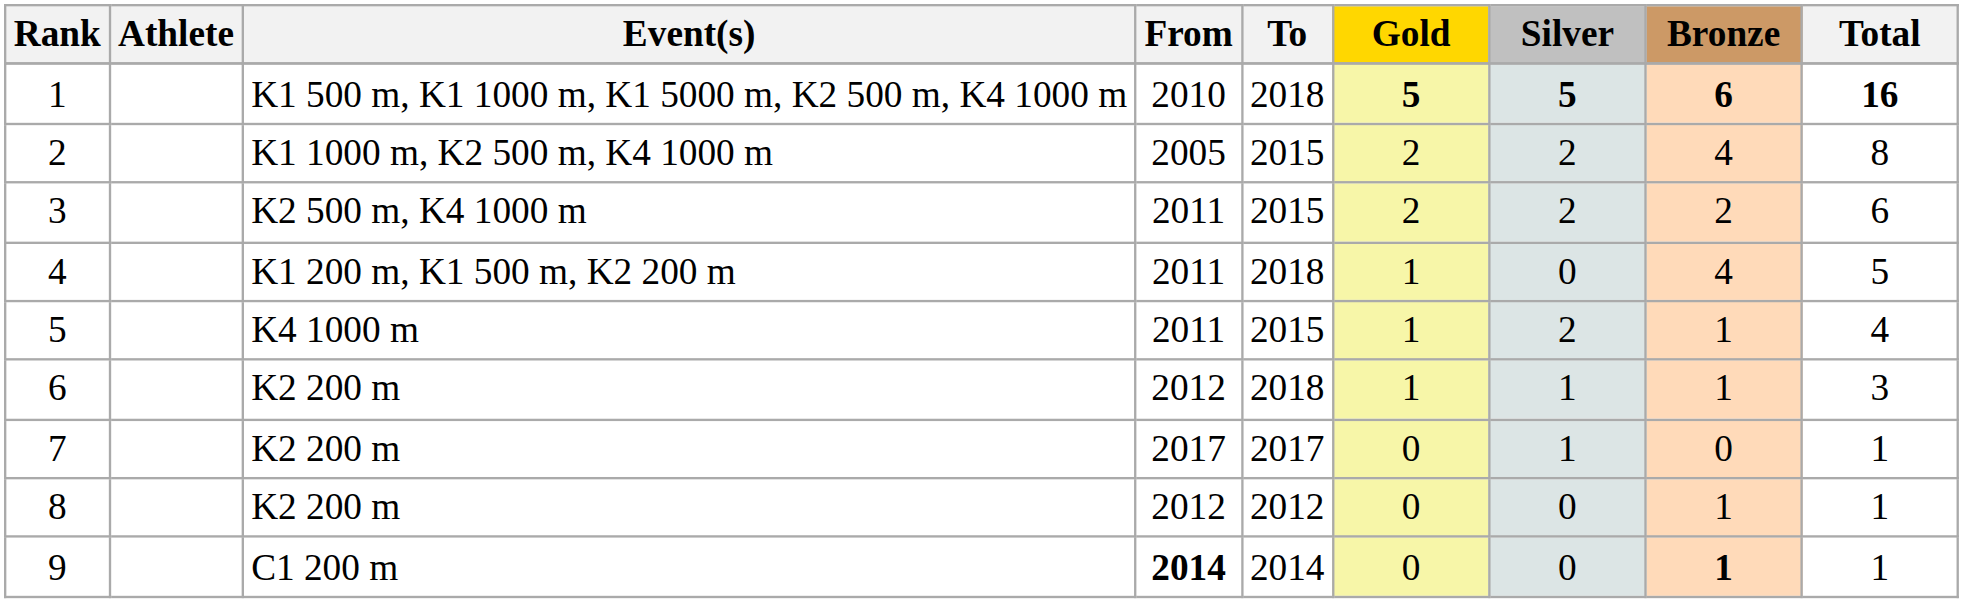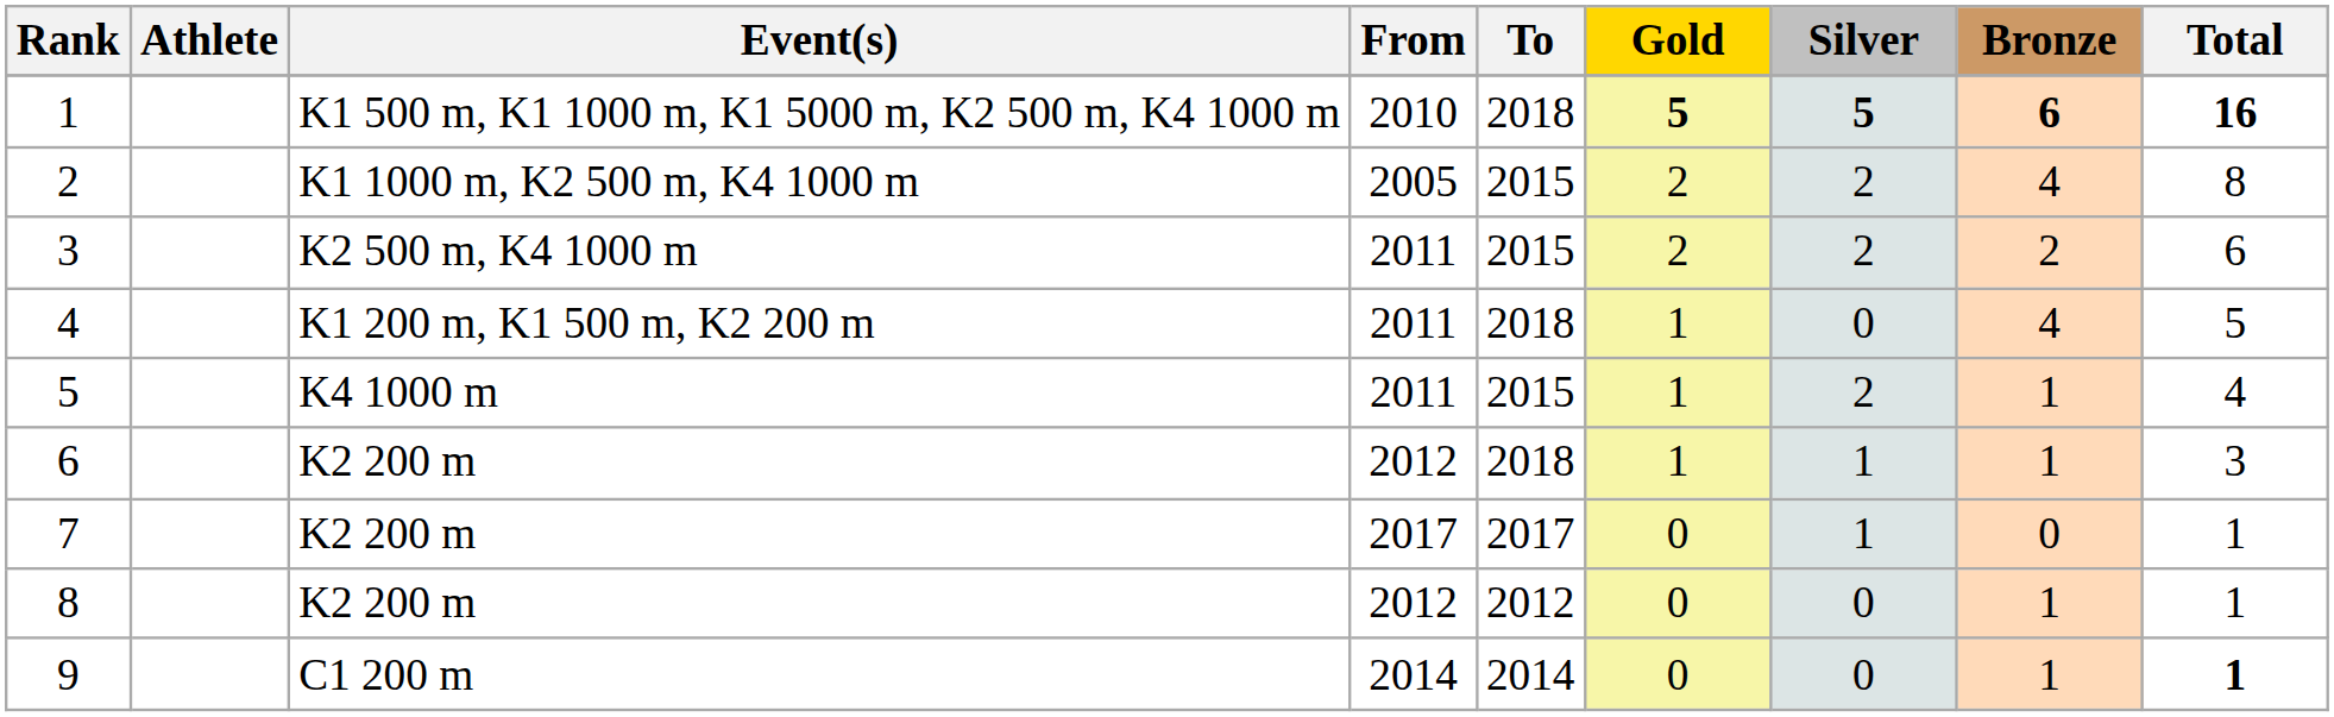 <table class="wikitable plainrowheaders" style="text-align:center;">
 <tr style="background-color:#EDEDED;">
 <th class="hintergrundfarbe5" style="width:1em">Rank</th>
 <th class="hintergrundfarbe5">Athlete</th>
 <th class="hintergrundfarbe5">Event(s)</th>
 <th class="hintergrundfarbe5">From</th>
 <th class="hintergrundfarbe5">To</th>
 <th style="background:    gold; width:8%">Gold</th>
 <th style="background:  silver; width:8%">Silver</th>
 <th style="background: #CC9966; width:8%">Bronze</th>
 <th class="hintergrundfarbe5" style="width:8%">Total</th>
 </tr>
 <tr>
 </tr>
 <tr align="center" bgcolor="#FFFFFF">
 <td rowspan="1" valign="center">1</td>
 <td align="left"></td>
 <td align="left">K1 500 m, K1 1000 m, K1 5000 m, K2 500 m, K4 1000 m</td>
 <td align="center">2010</td>
 <td align="center">2018</td>
 <td style="background:#F7F6A8;"><strong>5</strong></td>
 <td style="background:#DCE5E5;"><strong>5</strong></td>
 <td style="background:#FFDAB9;"><strong>6</strong></td>
 <td><strong>16</strong></td>
 </tr>
 <tr align="center" bgcolor="#FFFFFF">
 <td rowspan="1" valign="center">2</td>
 <td align="left"></td>
 <td align="left">K1 1000 m, K2 500 m, K4 1000 m</td>
 <td align="center">2005</td>
 <td align="center">2015</td>
 <td style="background:#F7F6A8;">2</td>
 <td style="background:#DCE5E5;">2</td>
 <td style="background:#FFDAB9;">4</td>
 <td>8</td>
 </tr>
 <tr align="center" bgcolor="#FFFFFF">
 <td rowspan="1" valign="center">3</td>
 <td align="left"></td>
 <td align="left">K2 500 m, K4 1000 m</td>
 <td align="center">2011</td>
 <td align="center">2015</td>
 <td style="background:#F7F6A8;">2</td>
 <td style="background:#DCE5E5;">2</td>
 <td style="background:#FFDAB9;">2</td>
 <td>6</td>
 </tr>
 <tr align="center" bgcolor="#FFFFFF">
 <td rowspan="1" valign="center">4</td>
 <td align="left"></td>
 <td align="left">K1 200 m, K1 500 m, K2 200 m</td>
 <td align="center">2011</td>
 <td align="center">2018</td>
 <td style="background:#F7F6A8;">1</td>
 <td style="background:#DCE5E5;">0</td>
 <td style="background:#FFDAB9;">4</td>
 <td>5</td>
 </tr>
 <tr align="center" bgcolor="#FFFFFF">
 <td rowspan="1" valign="center">5</td>
 <td align="left"></td>
 <td align="left">K4 1000 m</td>
 <td align="center">2011</td>
 <td align="center">2015</td>
 <td style="background:#F7F6A8;">1</td>
 <td style="background:#DCE5E5;">2</td>
 <td style="background:#FFDAB9;">1</td>
 <td>4</td>
 </tr>
 <tr align="center" bgcolor="#FFFFFF">
 <td rowspan="1" valign="center">6</td>
 <td align="left"></td>
 <td align="left">K2 200 m</td>
 <td align="center">2012</td>
 <td align="center">2018</td>
 <td style="background:#F7F6A8;">1</td>
 <td style="background:#DCE5E5;">1</td>
 <td style="background:#FFDAB9;">1</td>
 <td>3</td>
 </tr>
 <tr align="center" bgcolor="#FFFFFF">
 <td rowspan="1" valign="center">7</td>
 <td align="left"></td>
 <td align="left">K2 200 m</td>
 <td align="center">2017</td>
 <td align="center">2017</td>
 <td style="background:#F7F6A8;">0</td>
 <td style="background:#DCE5E5;">1</td>
 <td style="background:#FFDAB9;">0</td>
 <td>1</td>
 </tr>
 <tr align="center" bgcolor="#FFFFFF">
 <td rowspan="1" valign="center">8</td>
 <td align="left"></td>
 <td align="left">K2 200 m</td>
 <td align="center">2012</td>
 <td align="center">2012</td>
 <td style="background:#F7F6A8;">0</td>
 <td style="background:#DCE5E5;">0</td>
 <td style="background:#FFDAB9;">1</td>
 <td>1</td>
 </tr>
 <tr align="center" bgcolor="#FFFFFF">
 <td rowspan="1" valign="center">9</td>
 <td align="left"></td>
 <td align="left">C1 200 m</td>
-<td align="center"><strong>2014</strong></td>
+<td align="center">2014</td>
 <td align="center">2014</td>
 <td style="background:#F7F6A8;">0</td>
 <td style="background:#DCE5E5;">0</td>
-<td style="background:#FFDAB9;"><strong>1</strong></td>
-<td>1</td>
+<td style="background:#FFDAB9;">1</td>
+<td><strong>1</strong></td>
 </tr>
 </table>
